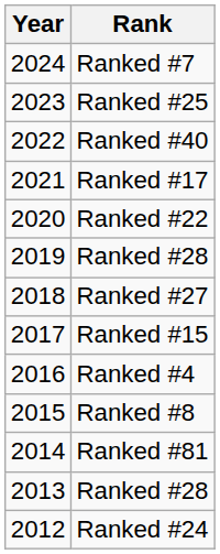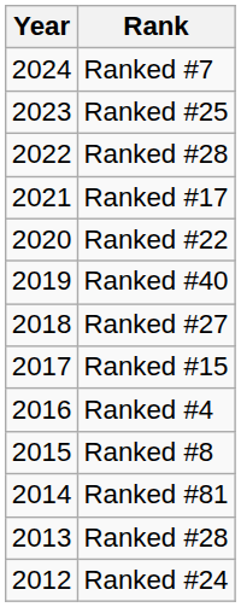 <table class="wikitable">
 <tr>
 <th>Year</th>
 <th>Rank</th>
 </tr>
 <tr>
 <td>2024</td>
 <td>Ranked #7</td>
 </tr>
 <tr>
 <td>2023</td>
 <td>Ranked #25</td>
 </tr>
 <tr>
 <td>2022</td>
-<td>Ranked #40</td>
+<td>Ranked #28</td>
 </tr>
 <tr>
 <td>2021</td>
 <td>Ranked #17</td>
 </tr>
 <tr>
 <td>2020</td>
 <td>Ranked #22</td>
 </tr>
 <tr>
 <td>2019</td>
-<td>Ranked #28</td>
+<td>Ranked #40</td>
 </tr>
 <tr>
 <td>2018</td>
 <td>Ranked #27</td>
 </tr>
 <tr>
 <td>2017</td>
 <td>Ranked #15</td>
 </tr>
 <tr>
 <td>2016</td>
 <td>Ranked #4</td>
 </tr>
 <tr>
 <td>2015</td>
 <td>Ranked #8</td>
 </tr>
 <tr>
 <td>2014</td>
 <td>Ranked #81</td>
 </tr>
 <tr>
 <td>2013</td>
 <td>Ranked #28</td>
 </tr>
 <tr>
 <td>2012</td>
 <td>Ranked #24</td>
 </tr>
 </table>
